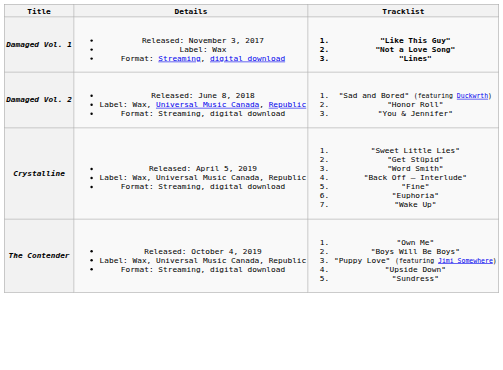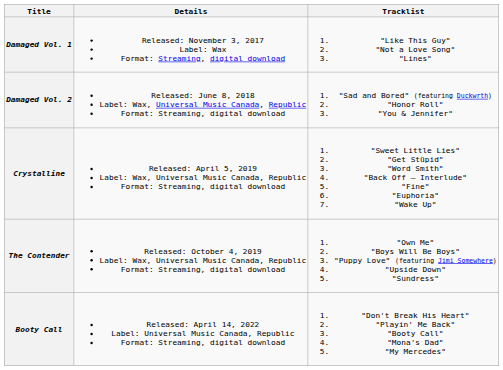 <table class="wikitable plainrowheaders" style="text-align:center;">
 <tr>
 <th scope="col">Title</th>
 <th scope="col">Details</th>
 <th scope="col">Tracklist</th>
 </tr>
 <tr )>
 <th scope="row"><em>Damaged Vol. 1</em></th>
 <td><br><ul><li>Released: November 3, 2017</li><li>Label: Wax</li><li>Format: <a href='#'>Streaming</a>, <a href='#'>digital download</a></li></ul></td>
-<td><strong><br><ol><li>"Like This Guy"</li><li>"Not a Love Song"</li><li>"Lines"</li></ol></strong></td>
+<td><br><ol><li>"Like This Guy"</li><li>"Not a Love Song"</li><li>"Lines"</li></ol></td>
 </tr>
 <tr>
 <th scope="row"><em>Damaged Vol. 2</em></th>
 <td><br><ul><li>Released: June 8, 2018</li><li>Label: Wax, <a href='#'>Universal Music Canada</a>, <a href='#'>Republic</a></li><li>Format: Streaming, digital download</li></ul></td>
 <td><br><ol><li>"Sad and Bored" <small>(featuring <a href='#'>Duckwrth</a>)</small></li><li>"Honor Roll"</li><li>"You & Jennifer"</li></ol></td>
 </tr>
 <tr>
 <th scope="row"><em>Crystalline</em></th>
 <td><br><ul><li>Released: April 5, 2019</li><li>Label: Wax, Universal Music Canada, Republic</li><li>Format: Streaming, digital download</li></ul></td>
 <td><br><ol><li>"Sweet Little Lies"</li><li>"Get Stüpid"</li><li>"Word Smith"</li><li>"Back Off — Interlude"</li><li>"Fine"</li><li>"Euphoria"</li><li>"Wake Up"</li></ol></td>
 </tr>
 <tr>
 <th scope="row"><em>The Contender</em></th>
 <td><br><ul><li>Released: October 4, 2019</li><li>Label: Wax, Universal Music Canada, Republic</li><li>Format: Streaming, digital download</li></ul></td>
 <td><br><ol><li>"Own Me"</li><li>"Boys Will Be Boys"</li><li>"Puppy Love" <small>(featuring <a href='#'>Jimi Somewhere</a>)</small></li><li>"Upside Down"</li><li>"Sundress"</li></ol></td>
 </tr>
+<tr>
+<th scope="row"><em>Booty Call</em></th>
+<td><br><ul><li>Released: April 14, 2022</li><li>Label: Universal Music Canada, Republic</li><li>Format: Streaming, digital download</li></ul></td>
+<td><br><ol><li>"Don't Break His Heart"</li><li>"Playin' Me Back"</li><li>"Booty Call"</li><li>"Mona's Dad"</li><li>"My Mercedes"</li></ol></td>
+</tr>
 </table>
